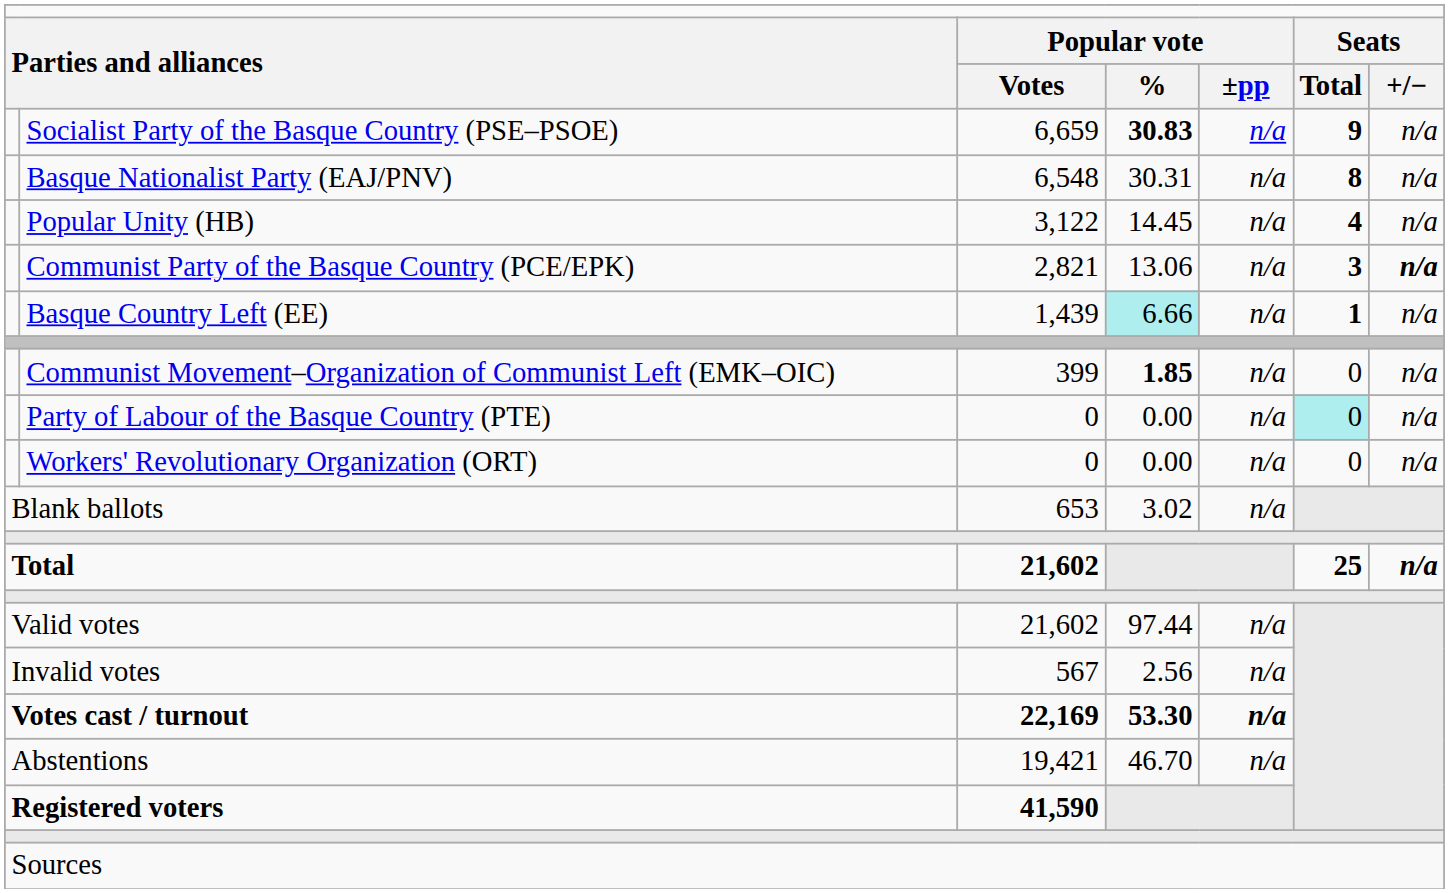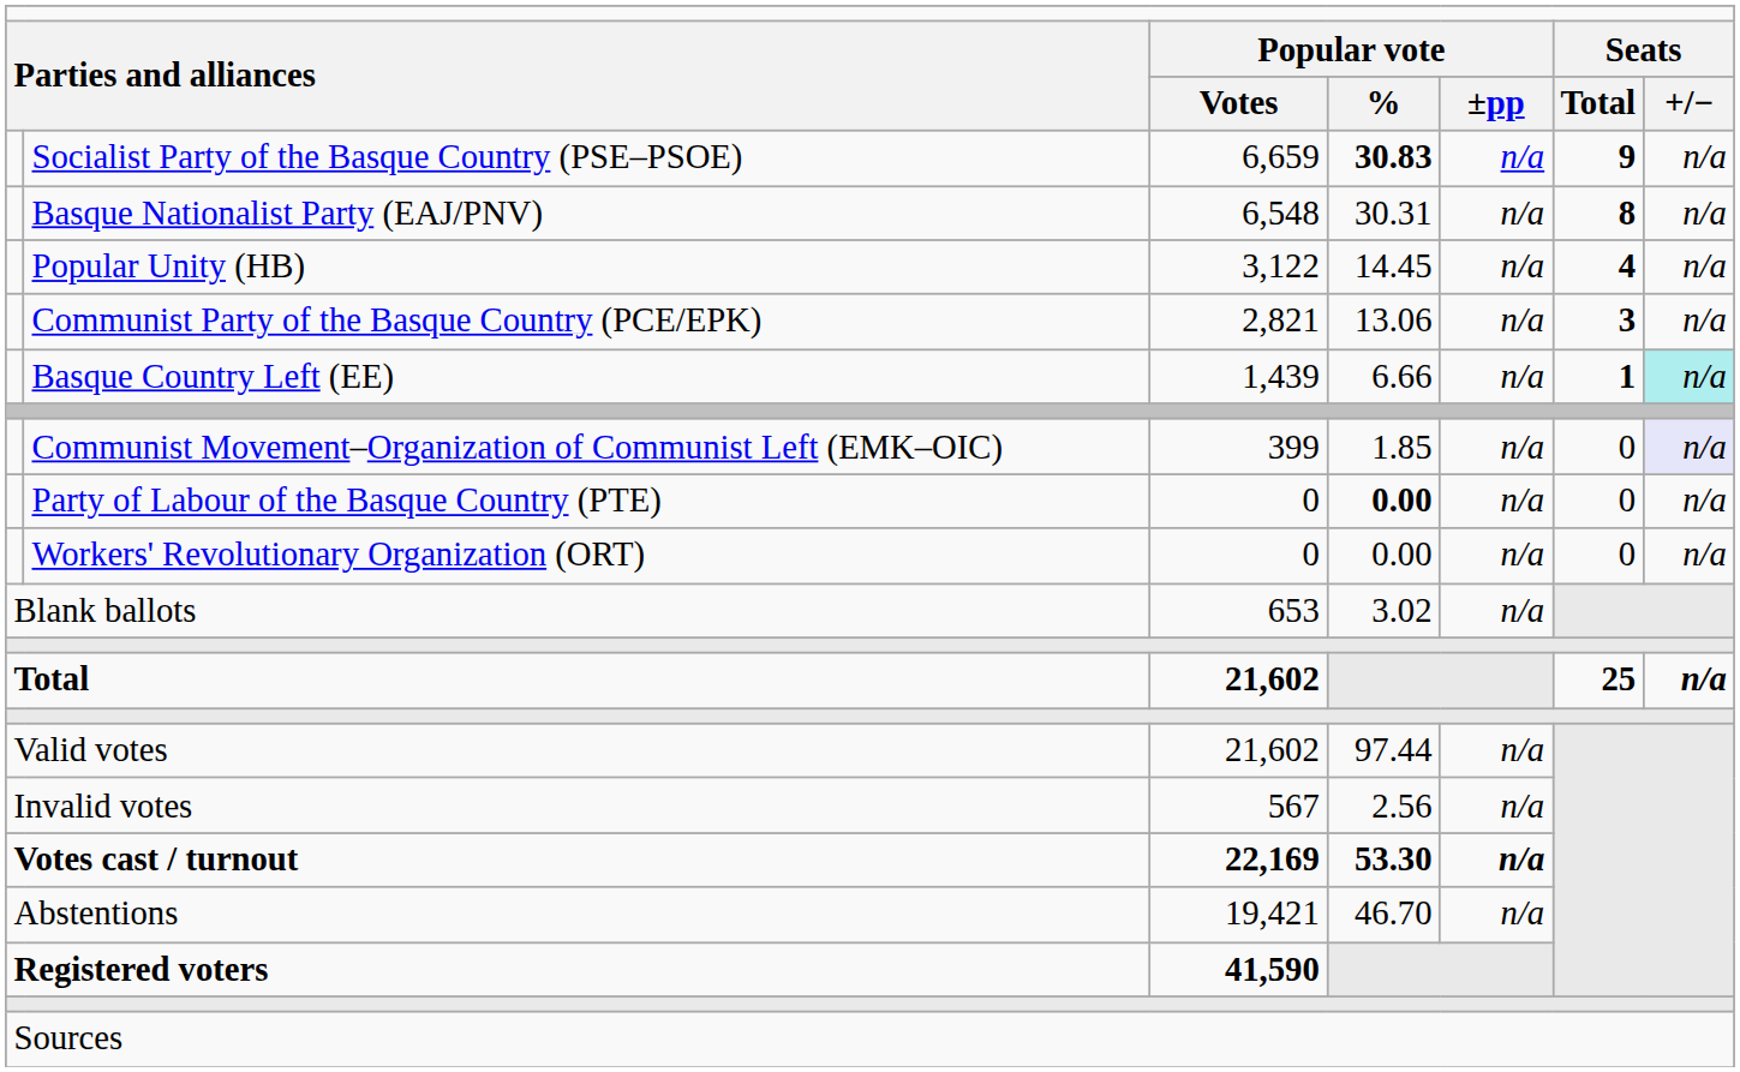 <table class="wikitable" style="text-align:right;">
 <tr>
 <td colspan="7"></td>
 </tr>
 <tr>
 <th style="text-align:left;" rowspan="2" colspan="2" width="525">Parties and alliances</th>
 <th colspan="3">Popular vote</th>
 <th colspan="2">Seats</th>
 </tr>
 <tr>
 <th width="75">Votes</th>
 <th width="45">%</th>
 <th width="45">±<a href='#'>pp</a></th>
 <th width="35">Total</th>
 <th width="35">+/−</th>
 </tr>
 <tr>
 <td width="1" style="color:inherit;background:"></td>
 <td align="left"><a href='#'>Socialist Party of the Basque Country</a> (PSE–PSOE)</td>
 <td>6,659</td>
 <td><strong>30.83</strong></td>
 <td><em><a href='#'>n/a</a></em></td>
 <td><strong>9</strong></td>
 <td><em>n/a</em></td>
 </tr>
 <tr>
 <td style="color:inherit;background:"></td>
 <td align="left"><a href='#'>Basque Nationalist Party</a> (EAJ/PNV)</td>
 <td>6,548</td>
 <td>30.31</td>
 <td><em>n/a</em></td>
 <td><strong>8</strong></td>
 <td><em>n/a</em></td>
 </tr>
 <tr>
 <td style="color:inherit;background:"></td>
 <td align="left"><a href='#'>Popular Unity</a> (HB)</td>
 <td>3,122</td>
 <td>14.45</td>
 <td><em>n/a</em></td>
 <td><strong>4</strong></td>
 <td><em>n/a</em></td>
 </tr>
 <tr>
 <td style="color:inherit;background:"></td>
 <td align="left"><a href='#'>Communist Party of the Basque Country</a> (PCE/EPK)</td>
 <td>2,821</td>
 <td>13.06</td>
 <td><em>n/a</em></td>
 <td><strong>3</strong></td>
-<td><strong><em>n/a</em></strong></td>
+<td><em>n/a</em></td>
 </tr>
 <tr>
 <td style="color:inherit;background:"></td>
 <td align="left"><a href='#'>Basque Country Left</a> (EE)</td>
 <td>1,439</td>
-<td style="background: paleturquoise;">6.66</td>
+<td>6.66</td>
 <td><em>n/a</em></td>
 <td><strong>1</strong></td>
-<td><em>n/a</em></td>
+<td style="background: paleturquoise;"><em>n/a</em></td>
 </tr>
 <tr>
 <td colspan="7" bgcolor="#C0C0C0"></td>
 </tr>
 <tr>
 <td style="color:inherit;background:"></td>
 <td align="left"><a href='#'>Communist Movement</a>–<a href='#'>Organization of Communist Left</a> (EMK–OIC)</td>
 <td>399</td>
-<td><strong>1.85</strong></td>
+<td>1.85</td>
 <td><em>n/a</em></td>
 <td>0</td>
-<td><em>n/a</em></td>
+<td style="background: lavender;"><em>n/a</em></td>
 </tr>
 <tr>
 <td style="color:inherit;background:"></td>
 <td align="left"><a href='#'>Party of Labour of the Basque Country</a> (PTE)</td>
 <td>0</td>
-<td>0.00</td>
+<td><strong>0.00</strong></td>
 <td><em>n/a</em></td>
-<td style="background: paleturquoise;">0</td>
+<td>0</td>
 <td><em>n/a</em></td>
 </tr>
 <tr>
 <td style="color:inherit;background:"></td>
 <td align="left"><a href='#'>Workers' Revolutionary Organization</a> (ORT)</td>
 <td>0</td>
 <td>0.00</td>
 <td><em>n/a</em></td>
 <td>0</td>
 <td><em>n/a</em></td>
 </tr>
 <tr>
 <td align="left" colspan="2">Blank ballots</td>
 <td>653</td>
 <td>3.02</td>
 <td><em>n/a</em></td>
 <td bgcolor="#E9E9E9" colspan="2"></td>
 </tr>
 <tr>
 <td colspan="7" bgcolor="#E9E9E9"></td>
 </tr>
 <tr style="font-weight:bold;">
 <td align="left" colspan="2">Total</td>
 <td>21,602</td>
 <td bgcolor="#E9E9E9" colspan="2"></td>
 <td>25</td>
 <td><em>n/a</em></td>
 </tr>
 <tr>
 <td colspan="7" bgcolor="#E9E9E9"></td>
 </tr>
 <tr>
 <td align="left" colspan="2">Valid votes</td>
 <td>21,602</td>
 <td>97.44</td>
 <td><em>n/a</em></td>
 <td bgcolor="#E9E9E9" colspan="2" rowspan="5"></td>
 </tr>
 <tr>
 <td align="left" colspan="2">Invalid votes</td>
 <td>567</td>
 <td>2.56</td>
 <td><em>n/a</em></td>
 </tr>
 <tr style="font-weight:bold;">
 <td align="left" colspan="2">Votes cast / turnout</td>
 <td>22,169</td>
 <td>53.30</td>
 <td><em>n/a</em></td>
 </tr>
 <tr>
 <td align="left" colspan="2">Abstentions</td>
 <td>19,421</td>
 <td>46.70</td>
 <td><em>n/a</em></td>
 </tr>
 <tr style="font-weight:bold;">
 <td align="left" colspan="2">Registered voters</td>
 <td>41,590</td>
 <td bgcolor="#E9E9E9" colspan="2"></td>
 </tr>
 <tr>
 <td colspan="7" bgcolor="#E9E9E9"></td>
 </tr>
 <tr>
 <td align="left" colspan="7">Sources</td>
 </tr>
 </table>
